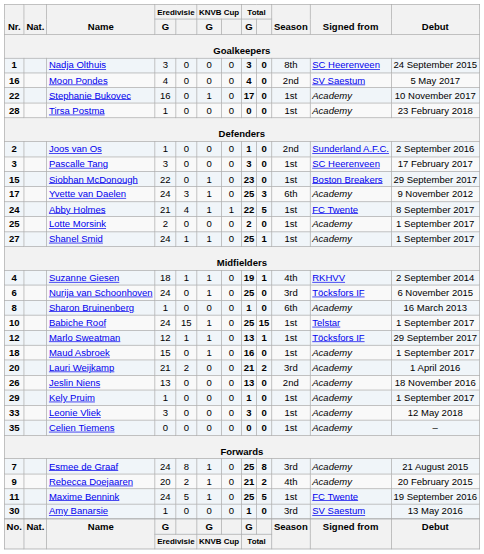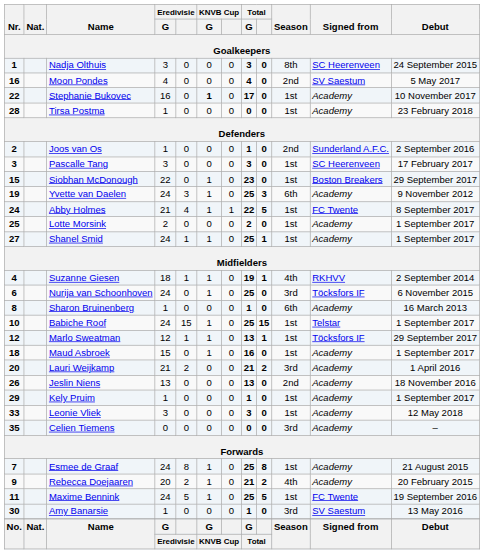 <table class="wikitable" style="font-size:85%; text-align: center;">
 <tr>
 <th rowspan=2 valign="bottom">Nr.</th>
 <th rowspan=2 valign="bottom">Nat.</th>
 <th rowspan=2 valign="bottom">Name</th>
 <th colspan=2><small>Eredivisie</small></th>
 <th colspan=2><small>KNVB Cup</small></th>
 <th colspan=2><small>Total</small></th>
 <th rowspan=2 valign="bottom">Season</th>
 <th rowspan=2 valign="bottom">Signed from</th>
 <th rowspan=2 valign="bottom">Debut</th>
 </tr>
 <tr bgcolor="#D7E5EF">
 <th>G</th>
 <th></th>
 <th>G</th>
 <th></th>
 <th>G</th>
 <th></th>
 </tr>
 <tr>
 <th colspan=14 align=left style="padding-top:15px;">Goalkeepers</th>
 </tr>
 <tr bgcolor="#F0F5F9">
 <td><strong>1</strong></td>
 <td></td>
 <td align=left><a href='#'>Nadja Olthuis</a></td>
 <td>3</td>
 <td>0</td>
 <td>0</td>
 <td>0</td>
 <td><strong>3</strong></td>
 <td><strong>0</strong></td>
 <td>8th</td>
 <td align=left> <a href='#'>SC Heerenveen</a></td>
 <td>24 September 2015</td>
 </tr>
 <tr>
 <td><strong>16</strong></td>
 <td></td>
 <td align=left><a href='#'>Moon Pondes</a></td>
 <td>4</td>
 <td>0</td>
 <td>0</td>
 <td>0</td>
 <td><strong>4</strong></td>
 <td><strong>0</strong></td>
 <td>2nd</td>
 <td align=left> <a href='#'>SV Saestum</a></td>
 <td>5 May 2017</td>
 </tr>
 <tr bgcolor="#F0F5F9">
 <td><strong>22</strong></td>
 <td></td>
 <td align=left><a href='#'>Stephanie Bukovec</a></td>
 <td>16</td>
 <td>0</td>
-<td>1</td>
+<td><strong>1</strong></td>
 <td>0</td>
 <td><strong>17</strong></td>
 <td><strong>0</strong></td>
 <td>1st</td>
 <td align=left><em>Academy</em></td>
 <td>10 November 2017</td>
 </tr>
 <tr>
 <td><strong>28</strong></td>
 <td></td>
 <td align=left><a href='#'>Tirsa Postma</a></td>
 <td>1</td>
 <td>0</td>
 <td>0</td>
 <td>0</td>
 <td><strong>0</strong></td>
 <td><strong>0</strong></td>
 <td>1st</td>
 <td align=left><em>Academy</em></td>
 <td>23 February 2018</td>
 </tr>
 <tr>
 <th colspan=14 align=left style="padding-top:15px;">Defenders</th>
 </tr>
 <tr bgcolor="#F0F5F9">
 <td><strong>2</strong></td>
 <td></td>
 <td align=left><a href='#'>Joos van Os</a></td>
 <td>1</td>
 <td>0</td>
 <td>0</td>
 <td>0</td>
 <td><strong>1</strong></td>
 <td><strong>0</strong></td>
 <td>2nd</td>
 <td align=left> <a href='#'>Sunderland A.F.C.</a></td>
 <td>2 September 2016</td>
 </tr>
 <tr>
 <td><strong>3</strong></td>
 <td></td>
 <td align=left><a href='#'>Pascalle Tang</a></td>
 <td>3</td>
 <td>0</td>
 <td>0</td>
 <td>0</td>
 <td><strong>3</strong></td>
 <td><strong>0</strong></td>
 <td>1st</td>
 <td align=left> <a href='#'>SC Heerenveen</a></td>
 <td>17 February 2017</td>
 </tr>
 <tr bgcolor="#F0F5F9">
 <td><strong>15</strong></td>
 <td></td>
 <td align=left><a href='#'>Siobhan McDonough</a></td>
 <td>22</td>
 <td>0</td>
 <td>1</td>
 <td>0</td>
 <td><strong>23</strong></td>
 <td><strong>0</strong></td>
 <td>1st</td>
 <td align=left> <a href='#'>Boston Breakers</a></td>
 <td>29 September 2017</td>
 </tr>
 <tr>
-<td><strong>17</strong></td>
+<td><strong>19</strong></td>
 <td></td>
 <td align=left><a href='#'>Yvette van Daelen</a></td>
 <td>24</td>
 <td>3</td>
 <td>1</td>
 <td>0</td>
 <td><strong>25</strong></td>
 <td><strong>3</strong></td>
 <td>6th</td>
 <td align=left><em>Academy</em></td>
 <td>9 November 2012</td>
 </tr>
 <tr bgcolor="#F0F5F9">
 <td><strong>24</strong></td>
 <td></td>
 <td align=left><a href='#'>Abby Holmes</a></td>
 <td>21</td>
 <td>4</td>
 <td>1</td>
 <td>1</td>
 <td><strong>22</strong></td>
 <td><strong>5</strong></td>
 <td>1st</td>
 <td align=left> <a href='#'>FC Twente</a></td>
 <td>8 September 2017</td>
 </tr>
 <tr>
 <td><strong>25</strong></td>
 <td></td>
 <td align=left><a href='#'>Lotte Morsink</a></td>
 <td>2</td>
 <td>0</td>
 <td>0</td>
 <td>0</td>
 <td><strong>2</strong></td>
 <td><strong>0</strong></td>
 <td>1st</td>
 <td align=left><em>Academy</em></td>
 <td>1 September 2017</td>
 </tr>
 <tr bgcolor="#F0F5F9">
 <td><strong>27</strong></td>
 <td></td>
 <td align=left><a href='#'>Shanel Smid</a></td>
 <td>24</td>
 <td>1</td>
 <td>1</td>
 <td>0</td>
 <td><strong>25</strong></td>
 <td><strong>1</strong></td>
 <td>1st</td>
 <td align=left><em>Academy</em></td>
 <td>1 September 2017</td>
 </tr>
 <tr>
 <th colspan=14 align=left style="padding-top:15px;">Midfielders</th>
 </tr>
 <tr bgcolor="#F0F5F9">
 <td><strong>4</strong></td>
 <td></td>
 <td align=left><a href='#'>Suzanne Giesen</a></td>
 <td>18</td>
 <td>1</td>
 <td>1</td>
 <td>0</td>
 <td><strong>19</strong></td>
 <td><strong>1</strong></td>
 <td>4th</td>
 <td align=left> <a href='#'>RKHVV</a></td>
 <td>2 September 2014</td>
 </tr>
 <tr>
 <td><strong>6</strong></td>
 <td></td>
 <td align=left><a href='#'>Nurija van Schoonhoven</a></td>
 <td>24</td>
 <td>0</td>
 <td>1</td>
 <td>0</td>
 <td><strong>25</strong></td>
 <td><strong>0</strong></td>
 <td>3rd</td>
 <td align=left> <a href='#'>Töcksfors IF</a></td>
 <td>6 November 2015</td>
 </tr>
 <tr bgcolor="#F0F5F9">
 <td><strong>8</strong></td>
 <td></td>
 <td align=left><a href='#'>Sharon Bruinenberg</a></td>
 <td>1</td>
 <td>0</td>
 <td>0</td>
 <td>0</td>
 <td><strong>1</strong></td>
 <td><strong>0</strong></td>
 <td>6th</td>
 <td align=left><em>Academy</em></td>
 <td>16 March 2013</td>
 </tr>
 <tr>
 <td><strong>10</strong></td>
 <td></td>
 <td align=left><a href='#'>Babiche Roof</a></td>
 <td>24</td>
 <td>15</td>
 <td>1</td>
 <td>0</td>
 <td><strong>25</strong></td>
 <td><strong>15</strong></td>
 <td>1st</td>
 <td align=left> <a href='#'>Telstar</a></td>
 <td>1 September 2017</td>
 </tr>
 <tr bgcolor="#F0F5F9">
 <td><strong>12</strong></td>
 <td></td>
 <td align=left><a href='#'>Marlo Sweatman</a></td>
 <td>12</td>
 <td>1</td>
 <td>1</td>
 <td>0</td>
 <td><strong>13</strong></td>
 <td><strong>1</strong></td>
 <td>1st</td>
 <td align=left> <a href='#'>Töcksfors IF</a></td>
 <td>29 September 2017</td>
 </tr>
 <tr>
 <td><strong>18</strong></td>
 <td></td>
 <td align=left><a href='#'>Maud Asbroek</a></td>
 <td>15</td>
 <td>0</td>
 <td>1</td>
 <td>0</td>
 <td><strong>16</strong></td>
 <td><strong>0</strong></td>
 <td>1st</td>
 <td align=left><em>Academy</em></td>
 <td>1 September 2017</td>
 </tr>
 <tr bgcolor="#F0F5F9">
 <td><strong>20</strong></td>
 <td></td>
 <td align=left><a href='#'>Lauri Weijkamp</a></td>
 <td>21</td>
 <td>2</td>
 <td>0</td>
 <td>0</td>
 <td><strong>21</strong></td>
 <td><strong>2</strong></td>
 <td>3rd</td>
 <td align=left><em>Academy</em></td>
 <td>1 April 2016</td>
 </tr>
 <tr>
 <td><strong>26</strong></td>
 <td></td>
 <td align=left><a href='#'>Jeslin Niens</a></td>
 <td>13</td>
 <td>0</td>
 <td>0</td>
 <td>0</td>
 <td><strong>13</strong></td>
 <td><strong>0</strong></td>
 <td>2nd</td>
 <td align=left><em>Academy</em></td>
 <td>18 November 2016</td>
 </tr>
 <tr bgcolor="#F0F5F9">
 <td><strong>29</strong></td>
 <td></td>
 <td align=left><a href='#'>Kely Pruim</a></td>
 <td>1</td>
 <td>0</td>
 <td>0</td>
 <td>0</td>
 <td><strong>1</strong></td>
 <td><strong>0</strong></td>
 <td>1st</td>
 <td align=left><em>Academy</em></td>
 <td>1 September 2017</td>
 </tr>
 <tr>
 <td><strong>33</strong></td>
 <td></td>
 <td align=left><a href='#'>Leonie Vliek</a></td>
 <td>3</td>
 <td>0</td>
 <td>0</td>
 <td>0</td>
 <td><strong>3</strong></td>
 <td><strong>0</strong></td>
 <td>1st</td>
 <td align=left><em>Academy</em></td>
 <td>12 May 2018</td>
 </tr>
 <tr bgcolor="#F0F5F9">
 <td><strong>35</strong></td>
 <td></td>
 <td align=left><a href='#'>Celien Tiemens</a></td>
 <td>0</td>
 <td>0</td>
 <td>0</td>
 <td>0</td>
 <td><strong>0</strong></td>
 <td><strong>0</strong></td>
-<td>1st</td>
+<td>3rd</td>
 <td align=left><em>Academy</em></td>
 <td>–</td>
 </tr>
 <tr>
 <th colspan=14 align=left style="padding-top:15px;">Forwards</th>
 </tr>
 <tr bgcolor="#F0F5F9">
 <td><strong>7</strong></td>
 <td></td>
 <td align=left><a href='#'>Esmee de Graaf</a></td>
 <td>24</td>
 <td>8</td>
 <td>1</td>
 <td>0</td>
 <td><strong>25</strong></td>
 <td><strong>8</strong></td>
-<td>3rd</td>
+<td>1st</td>
 <td align=left><em>Academy</em></td>
 <td>21 August 2015</td>
 </tr>
 <tr>
 <td><strong>9</strong></td>
 <td></td>
 <td align=left><a href='#'>Rebecca Doejaaren</a></td>
 <td>20</td>
 <td>2</td>
 <td>1</td>
 <td>0</td>
 <td><strong>21</strong></td>
 <td><strong>2</strong></td>
 <td>4th</td>
 <td align=left><em>Academy</em></td>
 <td>20 February 2015</td>
 </tr>
 <tr bgcolor="#F0F5F9">
 <td><strong>11</strong></td>
 <td></td>
 <td align=left><a href='#'>Maxime Bennink</a></td>
 <td>24</td>
 <td>5</td>
 <td>1</td>
 <td>0</td>
 <td><strong>25</strong></td>
 <td><strong>5</strong></td>
 <td>1st</td>
 <td align=left> <a href='#'>FC Twente</a></td>
 <td>19 September 2016</td>
 </tr>
 <tr bgcolor="#F0F5F9">
 <td><strong>30</strong></td>
 <td></td>
 <td align=left><a href='#'>Amy Banarsie</a></td>
 <td>1</td>
 <td>0</td>
 <td>0</td>
 <td>0</td>
 <td><strong>1</strong></td>
 <td><strong>0</strong></td>
 <td>3rd</td>
 <td align=left> <a href='#'>SV Saestum</a></td>
 <td>13 May 2016</td>
 </tr>
 <tr bgcolor="#F0F5F9">
 </tr>
 <tr bgcolor="#D7E5EF">
 <th rowspan=2 valign="top">No.</th>
 <th rowspan=2 valign="top">Nat.</th>
 <th rowspan=2 valign="top">Name</th>
 <th>G</th>
 <th></th>
 <th>G</th>
 <th></th>
 <th>G</th>
 <th></th>
 <th rowspan=2 valign="top">Season</th>
 <th rowspan=2 valign="top">Signed from</th>
 <th rowspan=2 valign="top">Debut</th>
 </tr>
 <tr bgcolor="#D7E5EF">
 <th colspan=2><small>Eredivisie</small></th>
 <th colspan=2><small>KNVB Cup</small></th>
 <th colspan=2><small>Total</small></th>
 </tr>
 </table>
